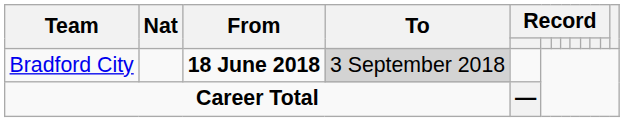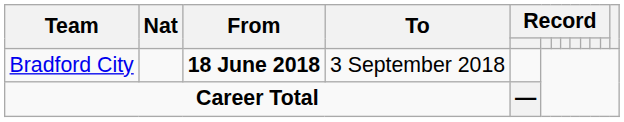 <table class="wikitable" style="text-align: center">
 <tr>
 <th rowspan="2">Team</th>
 <th rowspan="2">Nat</th>
 <th rowspan="2">From</th>
 <th rowspan="2">To</th>
 <th colspan="8">Record</th>
 <th rowspan=2></th>
 </tr>
 <tr>
 <th></th>
 <th></th>
 <th></th>
 <th></th>
 <th></th>
 <th></th>
 <th></th>
 <th></th>
 </tr>
 <tr>
 <td align="left"><a href='#'>Bradford City</a></td>
 <td></td>
 <td align=left><strong>18 June 2018</strong></td>
-<td align=left style="background: lightgrey;">3 September 2018<br></td>
+<td align=left>3 September 2018<br></td>
 <td></td>
 </tr>
 <tr>
 <td colspan=4><strong>Career Total</strong><br></td>
 <th>—</th>
 </tr>
 </table>
